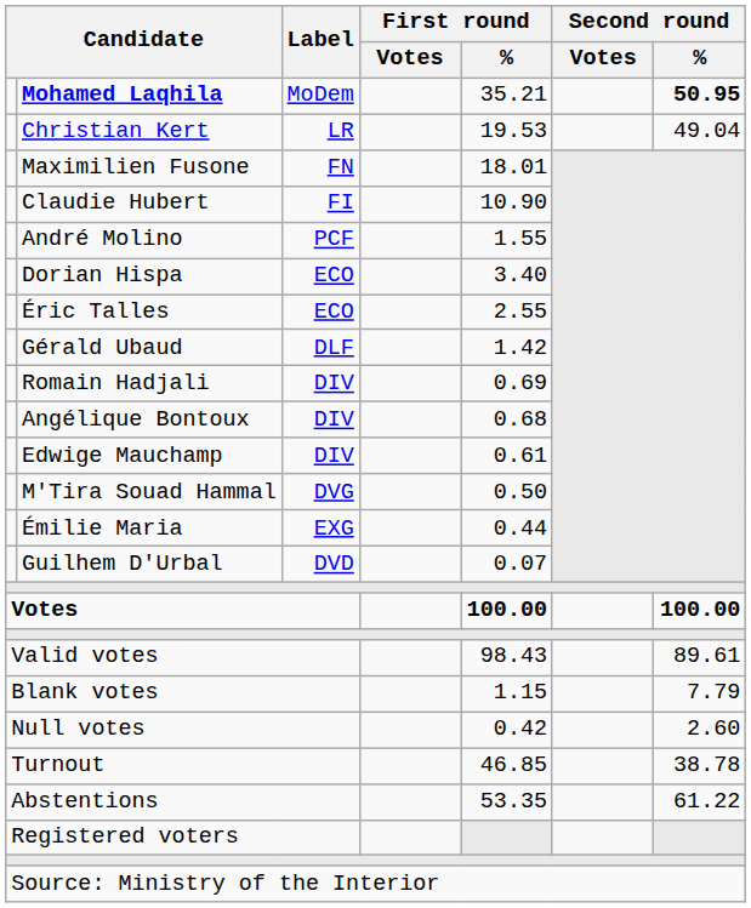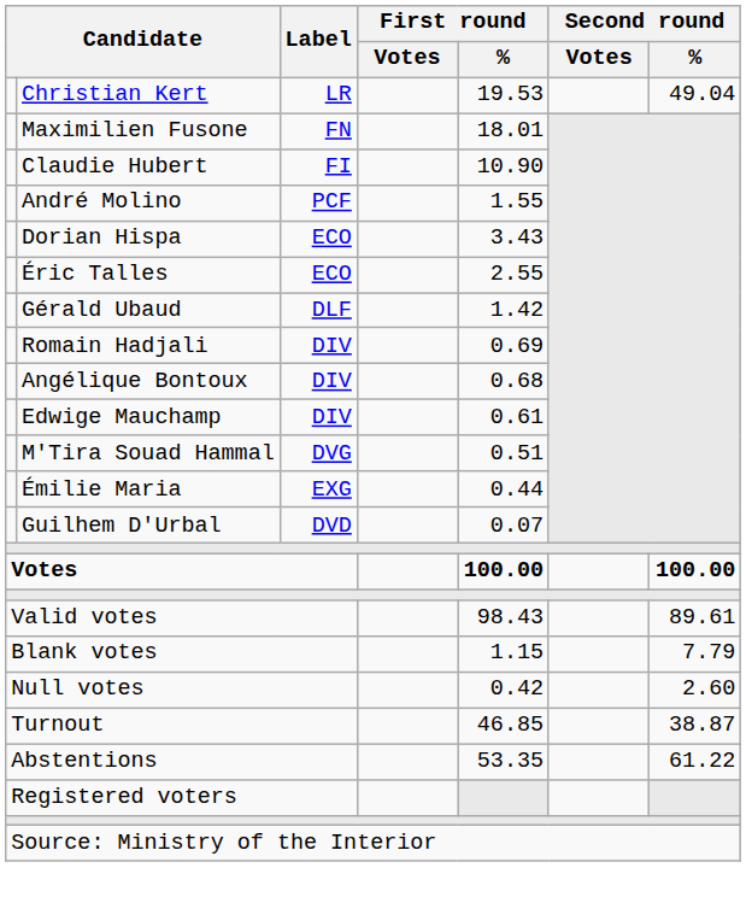 <table class="wikitable" style="text-align:right;font-size:95%;">
 <tr>
 <th rowspan="2" colspan="2">Candidate</th>
 <th rowspan="2">Label</th>
 <th colspan="2">First round</th>
 <th colspan="2">Second round</th>
 </tr>
 <tr>
 <th style="width:50px;">Votes</th>
 <th style="width:45px;">%</th>
 <th style="width:50px;">Votes</th>
 <th style="width:45px;">%</th>
-</tr>
-<tr>
-<td style="color:inherit;background:"></td>
-<td style="text-align:left;"><strong><a href='#'>Mohamed Laqhila</a></strong></td>
-<td><a href='#'>MoDem</a></td>
-<td></td>
-<td>35.21</td>
-<td><strong></strong></td>
-<td><strong>50.95</strong></td>
 </tr>
 <tr>
 <td style="color:inherit;background:"></td>
 <td style="text-align:left;"><a href='#'>Christian Kert</a></td>
 <td><a href='#'>LR</a></td>
 <td></td>
 <td>19.53</td>
 <td></td>
 <td>49.04</td>
 </tr>
 <tr>
 <td style="color:inherit;background:"></td>
 <td style="text-align:left;">Maximilien Fusone</td>
 <td><a href='#'>FN</a></td>
 <td></td>
 <td>18.01</td>
 <td colspan="2" rowspan="12" style="background:#E9E9E9;"></td>
 </tr>
 <tr>
 <td style="color:inherit;background:"></td>
 <td style="text-align:left;">Claudie Hubert</td>
 <td><a href='#'>FI</a></td>
 <td></td>
 <td>10.90</td>
 </tr>
 <tr>
 <td style="color:inherit;background:"></td>
 <td style="text-align:left;">André Molino</td>
 <td><a href='#'>PCF</a></td>
 <td></td>
 <td>1.55</td>
 </tr>
 <tr>
 <td style="color:inherit;background:"></td>
 <td style="text-align:left;">Dorian Hispa</td>
 <td><a href='#'>ECO</a></td>
 <td></td>
-<td>3.40</td>
+<td>3.43</td>
 </tr>
 <tr>
 <td style="color:inherit;background:"></td>
 <td style="text-align:left;">Éric Talles</td>
 <td><a href='#'>ECO</a></td>
 <td></td>
 <td>2.55</td>
 </tr>
 <tr>
 <td style="color:inherit;background:"></td>
 <td style="text-align:left;">Gérald Ubaud</td>
 <td><a href='#'>DLF</a></td>
 <td></td>
 <td>1.42</td>
 </tr>
 <tr>
 <td style="color:inherit;background:"></td>
 <td style="text-align:left;">Romain Hadjali</td>
 <td><a href='#'>DIV</a></td>
 <td></td>
 <td>0.69</td>
 </tr>
 <tr>
 <td style="color:inherit;background:"></td>
 <td style="text-align:left;">Angélique Bontoux</td>
 <td><a href='#'>DIV</a></td>
 <td></td>
 <td>0.68</td>
 </tr>
 <tr>
 <td style="color:inherit;background:"></td>
 <td style="text-align:left;">Edwige Mauchamp</td>
 <td><a href='#'>DIV</a></td>
 <td></td>
 <td>0.61</td>
 </tr>
 <tr>
 <td style="color:inherit;background:"></td>
 <td style="text-align:left;">M'Tira Souad Hammal</td>
 <td><a href='#'>DVG</a></td>
 <td></td>
-<td>0.50</td>
+<td>0.51</td>
 </tr>
 <tr>
 <td style="color:inherit;background:"></td>
 <td style="text-align:left;">Émilie Maria</td>
 <td><a href='#'>EXG</a></td>
 <td></td>
 <td>0.44</td>
 </tr>
 <tr>
 <td style="color:inherit;background:"></td>
 <td style="text-align:left;">Guilhem D'Urbal</td>
 <td><a href='#'>DVD</a></td>
 <td></td>
 <td>0.07</td>
 </tr>
 <tr>
 <td colspan="7" style="background:#E9E9E9;"></td>
 </tr>
 <tr style="font-weight:bold;">
 <td colspan="3" style="text-align:left;">Votes</td>
 <td></td>
 <td>100.00</td>
 <td></td>
 <td>100.00</td>
 </tr>
 <tr>
 <td colspan="7" style="background:#E9E9E9;"></td>
 </tr>
 <tr>
 <td colspan="3" style="text-align:left;">Valid votes</td>
 <td></td>
 <td>98.43</td>
 <td></td>
 <td>89.61</td>
 </tr>
 <tr>
 <td colspan="3" style="text-align:left;">Blank votes</td>
 <td></td>
 <td>1.15</td>
 <td></td>
 <td>7.79</td>
 </tr>
 <tr>
 <td colspan="3" style="text-align:left;">Null votes</td>
 <td></td>
 <td>0.42</td>
 <td></td>
 <td>2.60</td>
 </tr>
 <tr>
 <td colspan="3" style="text-align:left;">Turnout</td>
 <td></td>
 <td>46.85</td>
 <td></td>
-<td>38.78</td>
+<td>38.87</td>
 </tr>
 <tr>
 <td colspan="3" style="text-align:left;">Abstentions</td>
 <td></td>
 <td>53.35</td>
 <td></td>
 <td>61.22</td>
 </tr>
 <tr>
 <td colspan="3" style="text-align:left;">Registered voters</td>
 <td></td>
 <td style="color:inherit;background:#E9E9E9;"></td>
 <td></td>
 <td style="color:inherit;background:#E9E9E9;"></td>
 </tr>
 <tr>
 <td colspan="7" style="background:#E9E9E9;"></td>
 </tr>
 <tr>
 <td colspan="7" style="text-align:left;">Source: Ministry of the Interior</td>
 </tr>
 </table>
